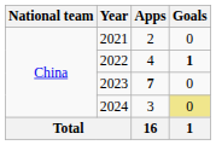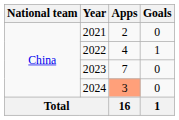 <table class="wikitable" style="text-align:center">
 <tr>
 <th>National team</th>
 <th>Year</th>
 <th>Apps</th>
 <th>Goals</th>
 </tr>
 <tr>
 <td rowspan="4"><a href='#'>China</a></td>
 <td>2021</td>
 <td>2</td>
 <td>0</td>
 </tr>
 <tr>
 <td>2022</td>
 <td>4</td>
-<td><strong>1</strong></td>
+<td>1</td>
 </tr>
 <tr>
 <td>2023</td>
-<td><strong>7</strong></td>
+<td>7</td>
 <td>0</td>
 </tr>
 <tr>
 <td>2024</td>
-<td>3</td>
-<td style="background: khaki;">0</td>
+<td style="background: lightsalmon;">3</td>
+<td>0</td>
 </tr>
 <tr>
 <th colspan="2">Total</th>
 <th>16</th>
 <th>1</th>
 </tr>
 </table>
